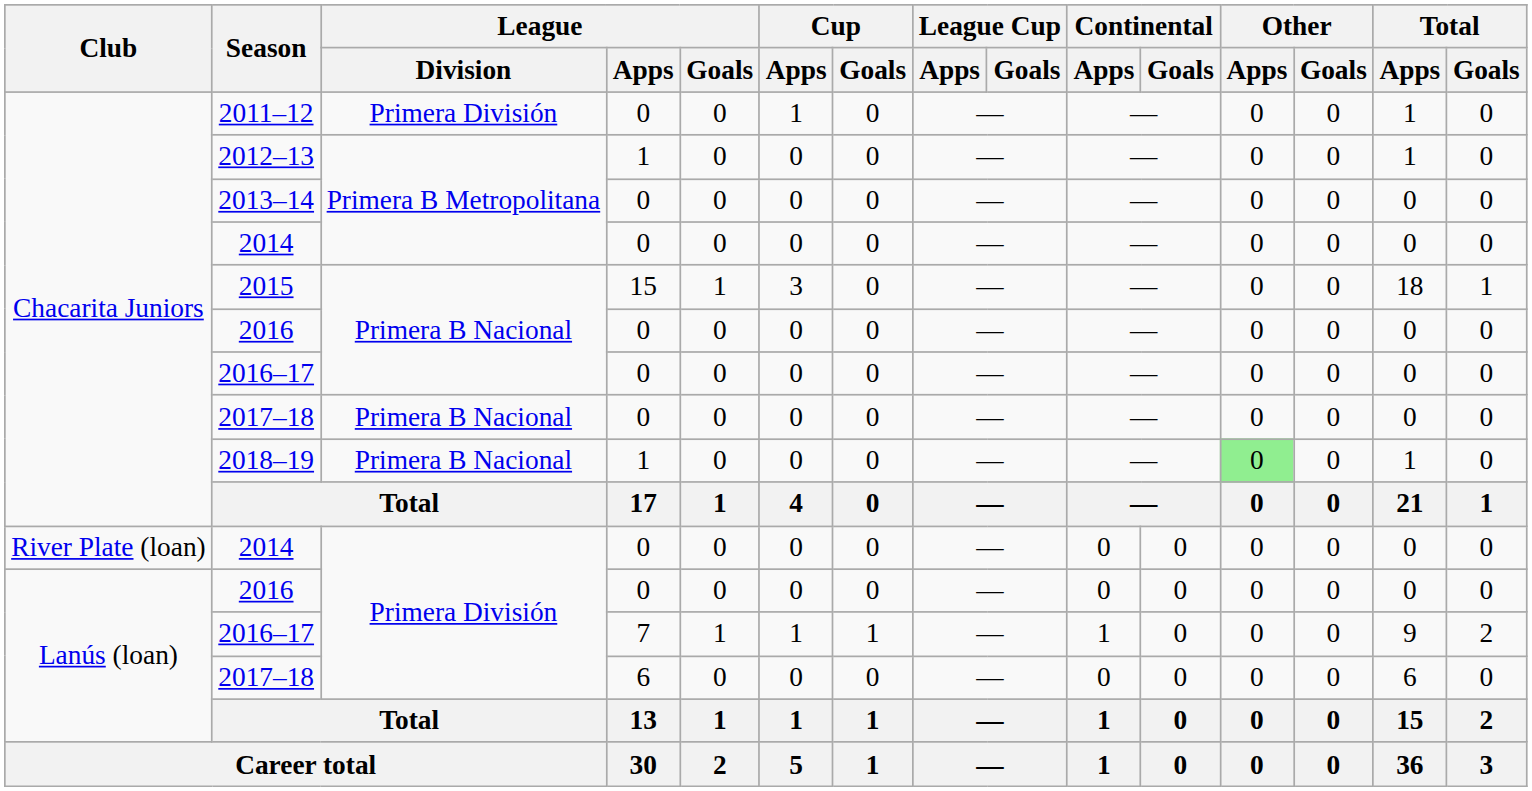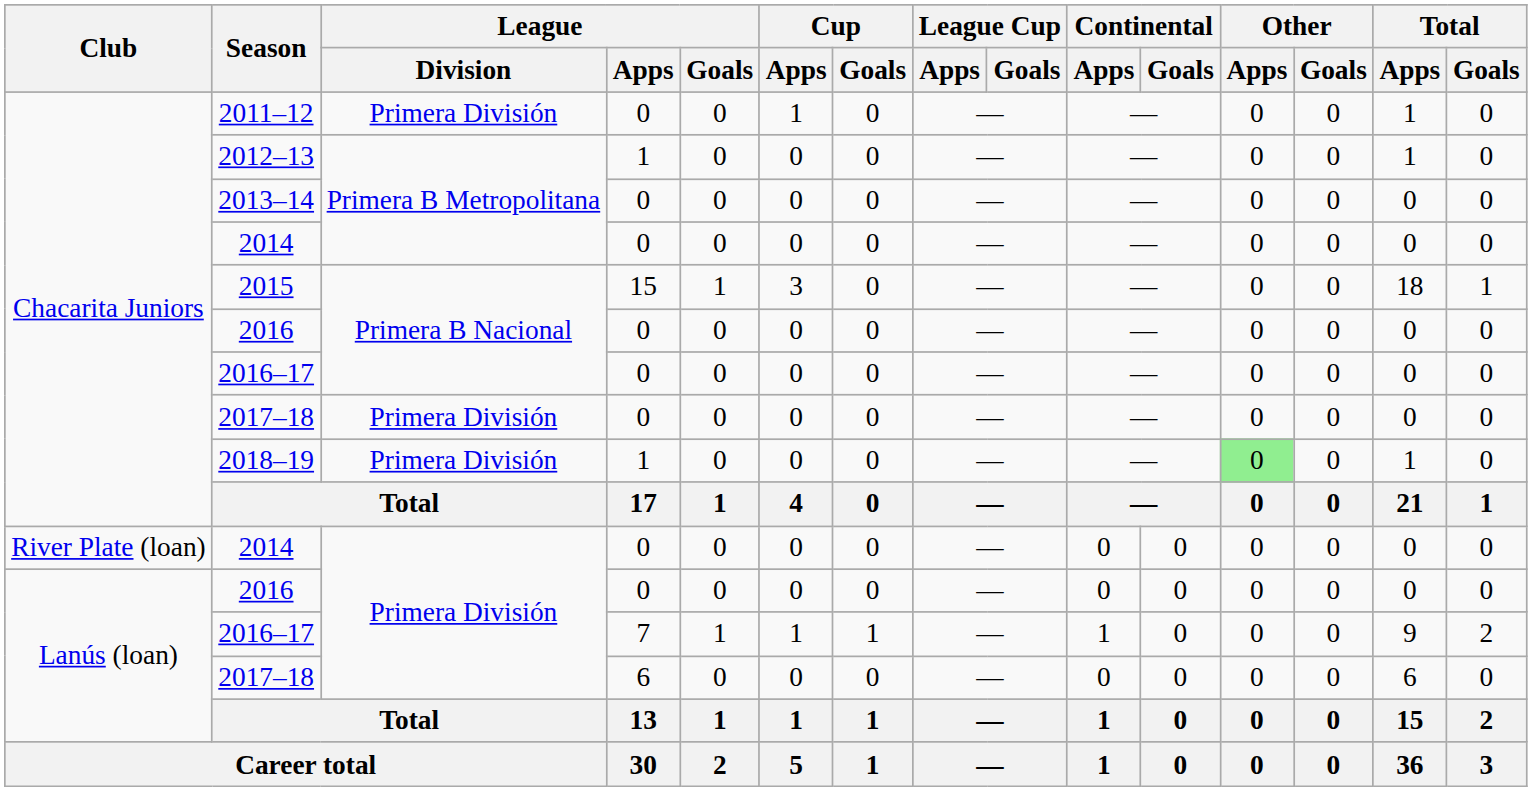 <table class="wikitable" style="text-align:center">
 <tr>
 <th rowspan="2">Club</th>
 <th rowspan="2">Season</th>
 <th colspan="3">League</th>
 <th colspan="2">Cup</th>
 <th colspan="2">League Cup</th>
 <th colspan="2">Continental</th>
 <th colspan="2">Other</th>
 <th colspan="2">Total</th>
 </tr>
 <tr>
 <th>Division</th>
 <th>Apps</th>
 <th>Goals</th>
 <th>Apps</th>
 <th>Goals</th>
 <th>Apps</th>
 <th>Goals</th>
 <th>Apps</th>
 <th>Goals</th>
 <th>Apps</th>
 <th>Goals</th>
 <th>Apps</th>
 <th>Goals</th>
 </tr>
 <tr>
 <td rowspan="10"><a href='#'>Chacarita Juniors</a></td>
 <td><a href='#'>2011–12</a></td>
 <td rowspan="1"><a href='#'>Primera División</a></td>
 <td>0</td>
 <td>0</td>
 <td>1</td>
 <td>0</td>
 <td colspan="2">—</td>
 <td colspan="2">—</td>
 <td>0</td>
 <td>0</td>
 <td>1</td>
 <td>0</td>
 </tr>
 <tr>
 <td><a href='#'>2012–13</a></td>
 <td rowspan="3"><a href='#'>Primera B Metropolitana</a></td>
 <td>1</td>
 <td>0</td>
 <td>0</td>
 <td>0</td>
 <td colspan="2">—</td>
 <td colspan="2">—</td>
 <td>0</td>
 <td>0</td>
 <td>1</td>
 <td>0</td>
 </tr>
 <tr>
 <td><a href='#'>2013–14</a></td>
 <td>0</td>
 <td>0</td>
 <td>0</td>
 <td>0</td>
 <td colspan="2">—</td>
 <td colspan="2">—</td>
 <td>0</td>
 <td>0</td>
 <td>0</td>
 <td>0</td>
 </tr>
 <tr>
 <td><a href='#'>2014</a></td>
 <td>0</td>
 <td>0</td>
 <td>0</td>
 <td>0</td>
 <td colspan="2">—</td>
 <td colspan="2">—</td>
 <td>0</td>
 <td>0</td>
 <td>0</td>
 <td>0</td>
 </tr>
 <tr>
 <td><a href='#'>2015</a></td>
 <td rowspan="3"><a href='#'>Primera B Nacional</a></td>
 <td>15</td>
 <td>1</td>
 <td>3</td>
 <td>0</td>
 <td colspan="2">—</td>
 <td colspan="2">—</td>
 <td>0</td>
 <td>0</td>
 <td>18</td>
 <td>1</td>
 </tr>
 <tr>
 <td><a href='#'>2016</a></td>
 <td>0</td>
 <td>0</td>
 <td>0</td>
 <td>0</td>
 <td colspan="2">—</td>
 <td colspan="2">—</td>
 <td>0</td>
 <td>0</td>
 <td>0</td>
 <td>0</td>
 </tr>
 <tr>
 <td><a href='#'>2016–17</a></td>
 <td>0</td>
 <td>0</td>
 <td>0</td>
 <td>0</td>
 <td colspan="2">—</td>
 <td colspan="2">—</td>
 <td>0</td>
 <td>0</td>
 <td>0</td>
 <td>0</td>
 </tr>
 <tr>
 <td><a href='#'>2017–18</a></td>
-<td rowspan="1"><a href='#'>Primera B Nacional</a></td>
+<td rowspan="1"><a href='#'>Primera División</a></td>
 <td>0</td>
 <td>0</td>
 <td>0</td>
 <td>0</td>
 <td colspan="2">—</td>
 <td colspan="2">—</td>
 <td>0</td>
 <td>0</td>
 <td>0</td>
 <td>0</td>
 </tr>
 <tr>
 <td><a href='#'>2018–19</a></td>
-<td rowspan="1"><a href='#'>Primera B Nacional</a></td>
+<td rowspan="1"><a href='#'>Primera División</a></td>
 <td>1</td>
 <td>0</td>
 <td>0</td>
 <td>0</td>
 <td colspan="2">—</td>
 <td colspan="2">—</td>
 <td style="background: lightgreen;">0</td>
 <td>0</td>
 <td>1</td>
 <td>0</td>
 </tr>
 <tr>
 <th colspan="2">Total</th>
 <th>17</th>
 <th>1</th>
 <th>4</th>
 <th>0</th>
 <th colspan="2">—</th>
 <th colspan="2">—</th>
 <th>0</th>
 <th>0</th>
 <th>21</th>
 <th>1</th>
 </tr>
 <tr>
 <td rowspan="1"><a href='#'>River Plate</a> (loan)</td>
 <td><a href='#'>2014</a></td>
 <td rowspan="4"><a href='#'>Primera División</a></td>
 <td>0</td>
 <td>0</td>
 <td>0</td>
 <td>0</td>
 <td colspan="2">—</td>
 <td>0</td>
 <td>0</td>
 <td>0</td>
 <td>0</td>
 <td>0</td>
 <td>0</td>
 </tr>
 <tr>
 <td rowspan="4"><a href='#'>Lanús</a> (loan)</td>
 <td><a href='#'>2016</a></td>
 <td>0</td>
 <td>0</td>
 <td>0</td>
 <td>0</td>
 <td colspan="2">—</td>
 <td>0</td>
 <td>0</td>
 <td>0</td>
 <td>0</td>
 <td>0</td>
 <td>0</td>
 </tr>
 <tr>
 <td><a href='#'>2016–17</a></td>
 <td>7</td>
 <td>1</td>
 <td>1</td>
 <td>1</td>
 <td colspan="2">—</td>
 <td>1</td>
 <td>0</td>
 <td>0</td>
 <td>0</td>
 <td>9</td>
 <td>2</td>
 </tr>
 <tr>
 <td><a href='#'>2017–18</a></td>
 <td>6</td>
 <td>0</td>
 <td>0</td>
 <td>0</td>
 <td colspan="2">—</td>
 <td>0</td>
 <td>0</td>
 <td>0</td>
 <td>0</td>
 <td>6</td>
 <td>0</td>
 </tr>
 <tr>
 <th colspan="2">Total</th>
 <th>13</th>
 <th>1</th>
 <th>1</th>
 <th>1</th>
 <th colspan="2">—</th>
 <th>1</th>
 <th>0</th>
 <th>0</th>
 <th>0</th>
 <th>15</th>
 <th>2</th>
 </tr>
 <tr>
 <th colspan="3">Career total</th>
 <th>30</th>
 <th>2</th>
 <th>5</th>
 <th>1</th>
 <th colspan="2">—</th>
 <th>1</th>
 <th>0</th>
 <th>0</th>
 <th>0</th>
 <th>36</th>
 <th>3</th>
 </tr>
 </table>
